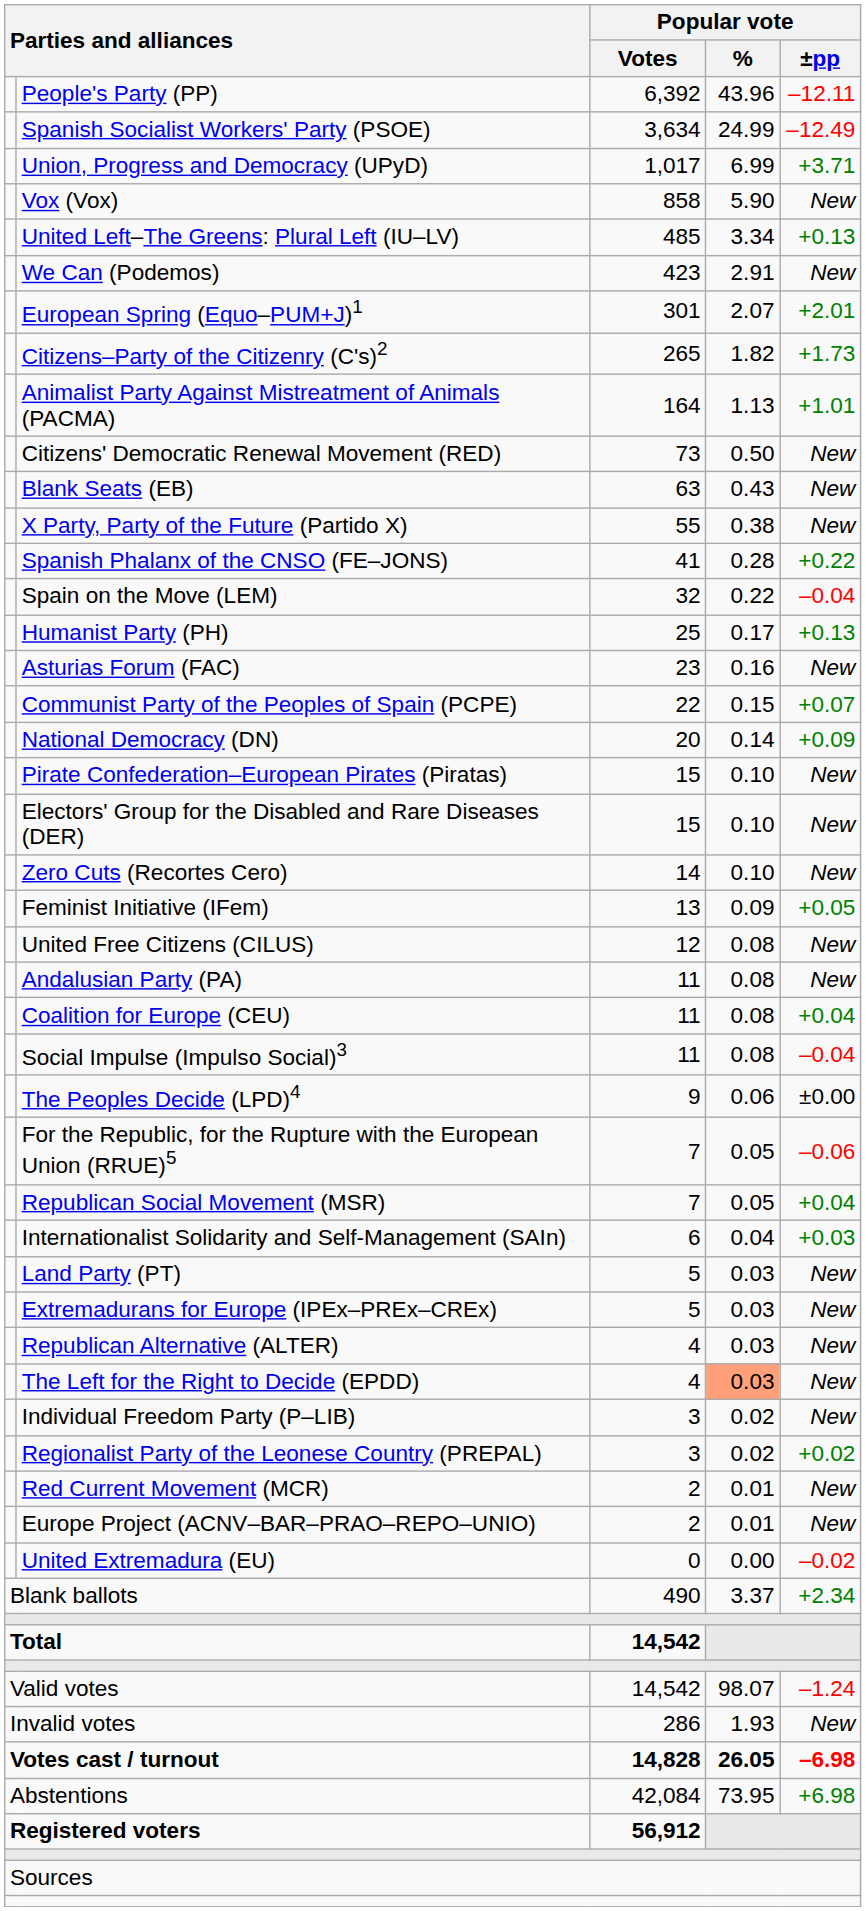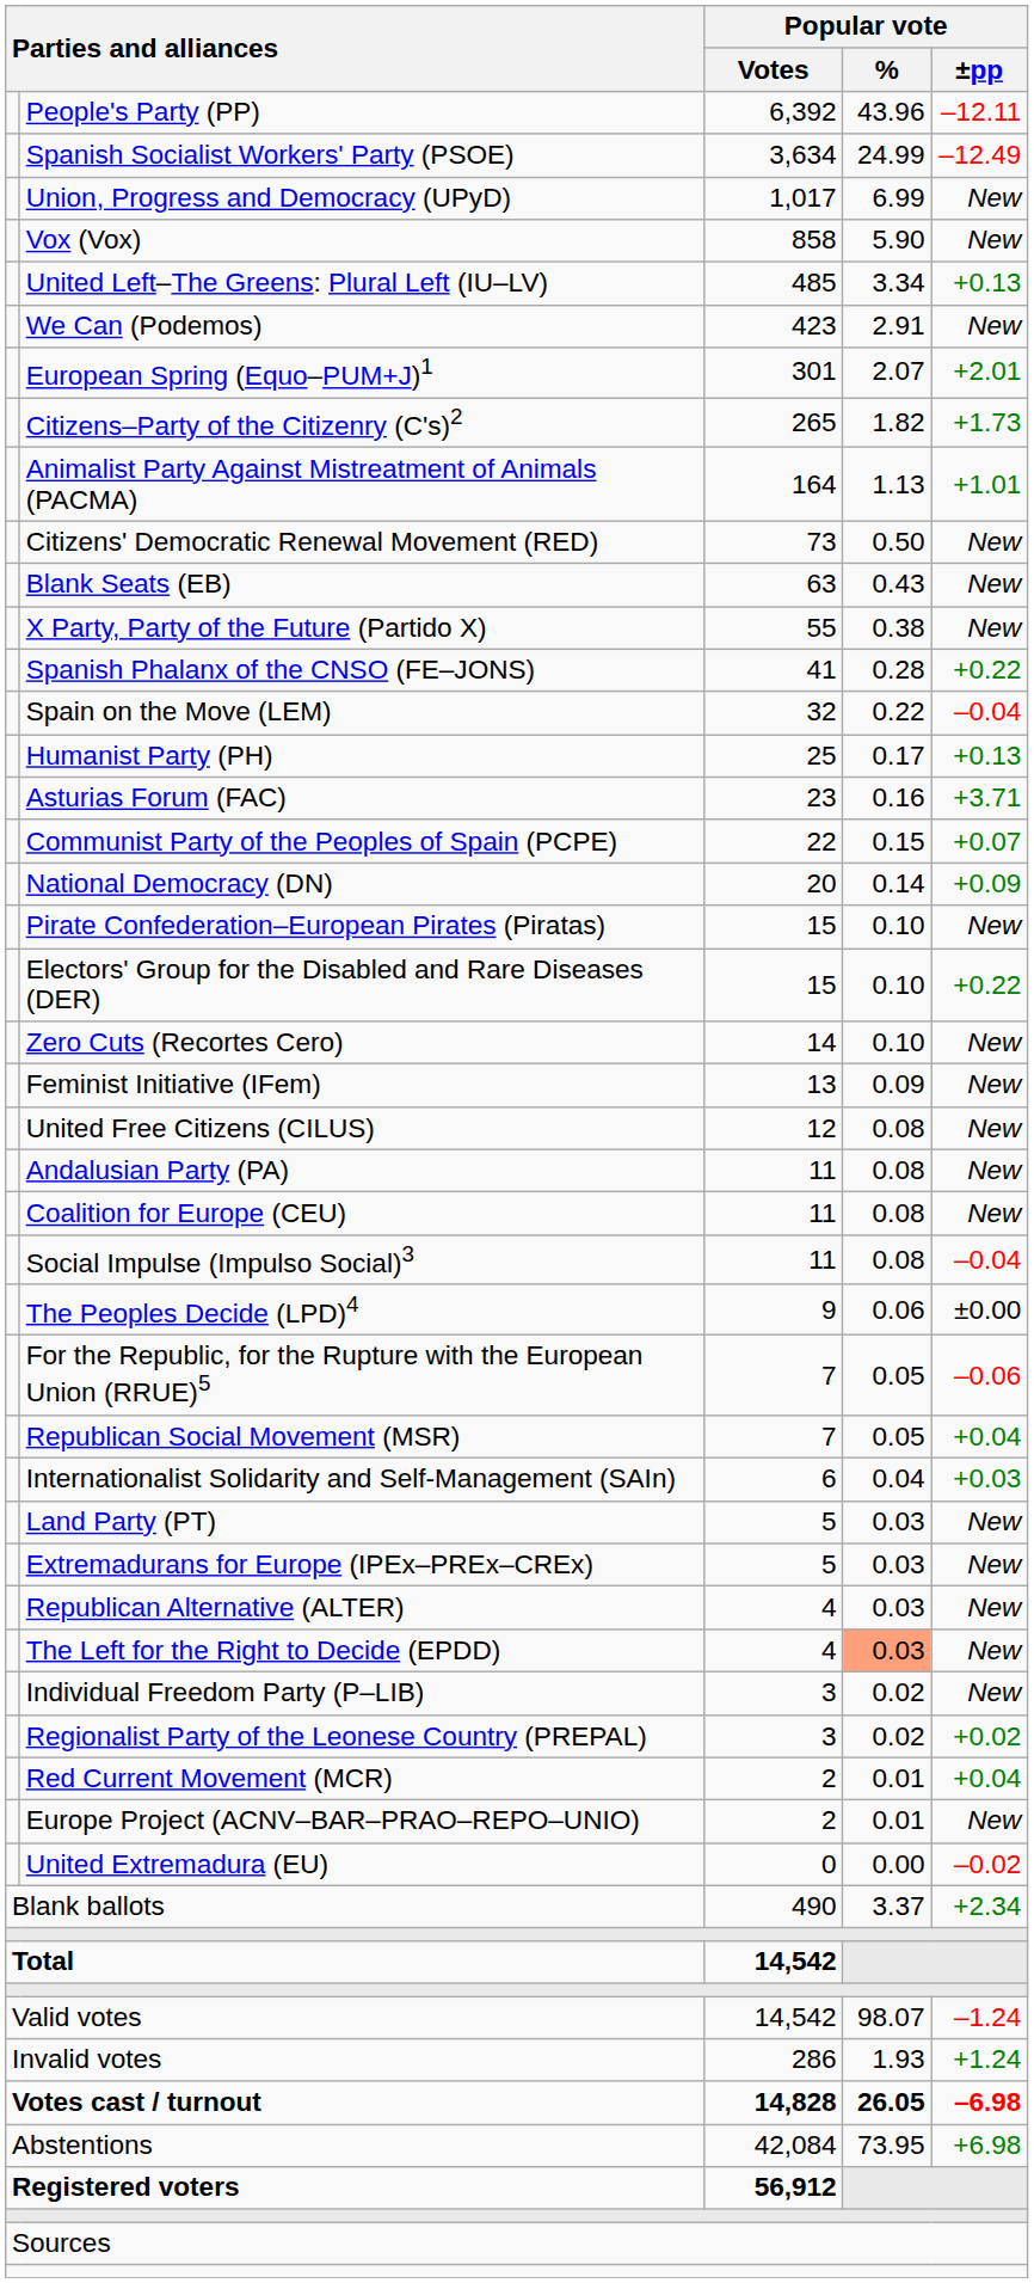 <table class="wikitable" style="text-align:right">
 <tr>
 <th style="text-align:left;" rowspan="2" colspan="2" width="525">Parties and alliances</th>
 <th colspan="3">Popular vote</th>
 </tr>
 <tr>
 <th width="75">Votes</th>
 <th width="45">%</th>
 <th width="45">±<a href='#'>pp</a></th>
 </tr>
 <tr>
 <td width="1" style="color:inherit;background:"></td>
 <td align="left"><a href='#'>People's Party</a> (PP)</td>
 <td>6,392</td>
 <td>43.96</td>
 <td style="color:red;">–12.11</td>
 </tr>
 <tr>
 <td style="color:inherit;background:"></td>
 <td align="left"><a href='#'>Spanish Socialist Workers' Party</a> (PSOE)</td>
 <td>3,634</td>
 <td>24.99</td>
 <td style="color:red;">–12.49</td>
 </tr>
 <tr>
 <td style="color:inherit;background:"></td>
 <td align="left"><a href='#'>Union, Progress and Democracy</a> (UPyD)</td>
 <td>1,017</td>
 <td>6.99</td>
-<td style="color:green;">+3.71</td>
+<td><em>New</em></td>
 </tr>
 <tr>
 <td style="color:inherit;background:"></td>
 <td align="left"><a href='#'>Vox</a> (Vox)</td>
 <td>858</td>
 <td>5.90</td>
 <td><em>New</em></td>
 </tr>
 <tr>
 <td style="color:inherit;background:"></td>
 <td align="left"><a href='#'>United Left</a>–<a href='#'>The Greens</a>: <a href='#'>Plural Left</a> (IU–LV)</td>
 <td>485</td>
 <td>3.34</td>
 <td style="color:green;">+0.13</td>
 </tr>
 <tr>
 <td style="color:inherit;background:"></td>
 <td align="left"><a href='#'>We Can</a> (Podemos)</td>
 <td>423</td>
 <td>2.91</td>
 <td><em>New</em></td>
 </tr>
 <tr>
 <td style="color:inherit;background:"></td>
 <td align="left"><a href='#'>European Spring</a> (<a href='#'>Equo</a>–<a href='#'>PUM+J</a>)<sup>1</sup></td>
 <td>301</td>
 <td>2.07</td>
 <td style="color:green;">+2.01</td>
 </tr>
 <tr>
 <td style="color:inherit;background:"></td>
 <td align="left"><a href='#'>Citizens–Party of the Citizenry</a> (C's)<sup>2</sup></td>
 <td>265</td>
 <td>1.82</td>
 <td style="color:green;">+1.73</td>
 </tr>
 <tr>
 <td style="color:inherit;background:"></td>
 <td align="left"><a href='#'>Animalist Party Against Mistreatment of Animals</a> (PACMA)</td>
 <td>164</td>
 <td>1.13</td>
 <td style="color:green;">+1.01</td>
 </tr>
 <tr>
 <td style="color:inherit;background:"></td>
 <td align="left">Citizens' Democratic Renewal Movement (RED)</td>
 <td>73</td>
 <td>0.50</td>
 <td><em>New</em></td>
 </tr>
 <tr>
 <td style="color:inherit;background:"></td>
 <td align="left"><a href='#'>Blank Seats</a> (EB)</td>
 <td>63</td>
 <td>0.43</td>
 <td><em>New</em></td>
 </tr>
 <tr>
 <td style="color:inherit;background:"></td>
 <td align="left"><a href='#'>X Party, Party of the Future</a> (Partido X)</td>
 <td>55</td>
 <td>0.38</td>
 <td><em>New</em></td>
 </tr>
 <tr>
 <td style="color:inherit;background:"></td>
 <td align="left"><a href='#'>Spanish Phalanx of the CNSO</a> (FE–JONS)</td>
 <td>41</td>
 <td>0.28</td>
 <td style="color:green;">+0.22</td>
 </tr>
 <tr>
 <td style="color:inherit;background:"></td>
 <td align="left">Spain on the Move (LEM)</td>
 <td>32</td>
 <td>0.22</td>
 <td style="color:red;">–0.04</td>
 </tr>
 <tr>
 <td style="color:inherit;background:"></td>
 <td align="left"><a href='#'>Humanist Party</a> (PH)</td>
 <td>25</td>
 <td>0.17</td>
 <td style="color:green;">+0.13</td>
 </tr>
 <tr>
 <td style="color:inherit;background:"></td>
 <td align="left"><a href='#'>Asturias Forum</a> (FAC)</td>
 <td>23</td>
 <td>0.16</td>
-<td><em>New</em></td>
+<td style="color:green;">+3.71</td>
 </tr>
 <tr>
 <td style="color:inherit;background:"></td>
 <td align="left"><a href='#'>Communist Party of the Peoples of Spain</a> (PCPE)</td>
 <td>22</td>
 <td>0.15</td>
 <td style="color:green;">+0.07</td>
 </tr>
 <tr>
 <td style="color:inherit;background:"></td>
 <td align="left"><a href='#'>National Democracy</a> (DN)</td>
 <td>20</td>
 <td>0.14</td>
 <td style="color:green;">+0.09</td>
 </tr>
 <tr>
 <td style="color:inherit;background:"></td>
 <td align="left"><a href='#'>Pirate Confederation–European Pirates</a> (Piratas)</td>
 <td>15</td>
 <td>0.10</td>
 <td><em>New</em></td>
 </tr>
 <tr>
 <td style="color:inherit;background:"></td>
 <td align="left">Electors' Group for the Disabled and Rare Diseases (DER)</td>
 <td>15</td>
 <td>0.10</td>
-<td><em>New</em></td>
+<td style="color:green;">+0.22</td>
 </tr>
 <tr>
 <td style="color:inherit;background:"></td>
 <td align="left"><a href='#'>Zero Cuts</a> (Recortes Cero)</td>
 <td>14</td>
 <td>0.10</td>
 <td><em>New</em></td>
 </tr>
 <tr>
 <td style="color:inherit;background:"></td>
 <td align="left">Feminist Initiative (IFem)</td>
 <td>13</td>
 <td>0.09</td>
-<td style="color:green;">+0.05</td>
+<td><em>New</em></td>
 </tr>
 <tr>
 <td style="color:inherit;background:"></td>
 <td align="left">United Free Citizens (CILUS)</td>
 <td>12</td>
 <td>0.08</td>
 <td><em>New</em></td>
 </tr>
 <tr>
 <td style="color:inherit;background:"></td>
 <td align="left"><a href='#'>Andalusian Party</a> (PA)</td>
 <td>11</td>
 <td>0.08</td>
 <td><em>New</em></td>
 </tr>
 <tr>
 <td style="color:inherit;background:"></td>
 <td align="left"><a href='#'>Coalition for Europe</a> (CEU)</td>
 <td>11</td>
 <td>0.08</td>
-<td style="color:green;">+0.04</td>
+<td><em>New</em></td>
 </tr>
 <tr>
 <td style="color:inherit;background:"></td>
 <td align="left">Social Impulse (Impulso Social)<sup>3</sup></td>
 <td>11</td>
 <td>0.08</td>
 <td style="color:red;">–0.04</td>
 </tr>
 <tr>
 <td style="color:inherit;background:"></td>
 <td align="left"><a href='#'>The Peoples Decide</a> (LPD)<sup>4</sup></td>
 <td>9</td>
 <td>0.06</td>
 <td>±0.00</td>
 </tr>
 <tr>
 <td style="color:inherit;background:"></td>
 <td align="left">For the Republic, for the Rupture with the European Union (RRUE)<sup>5</sup></td>
 <td>7</td>
 <td>0.05</td>
 <td style="color:red;">–0.06</td>
 </tr>
 <tr>
 <td style="color:inherit;background:"></td>
 <td align="left"><a href='#'>Republican Social Movement</a> (MSR)</td>
 <td>7</td>
 <td>0.05</td>
 <td style="color:green;">+0.04</td>
 </tr>
 <tr>
 <td style="color:inherit;background:"></td>
 <td align="left">Internationalist Solidarity and Self-Management (SAIn)</td>
 <td>6</td>
 <td>0.04</td>
 <td style="color:green;">+0.03</td>
 </tr>
 <tr>
 <td style="color:inherit;background:"></td>
 <td align="left"><a href='#'>Land Party</a> (PT)</td>
 <td>5</td>
 <td>0.03</td>
 <td><em>New</em></td>
 </tr>
 <tr>
 <td style="color:inherit;background:"></td>
 <td align="left"><a href='#'>Extremadurans for Europe</a> (IPEx–PREx–CREx)</td>
 <td>5</td>
 <td>0.03</td>
 <td><em>New</em></td>
 </tr>
 <tr>
 <td style="color:inherit;background:"></td>
 <td align="left"><a href='#'>Republican Alternative</a> (ALTER)</td>
 <td>4</td>
 <td>0.03</td>
 <td><em>New</em></td>
 </tr>
 <tr>
 <td style="color:inherit;background:"></td>
 <td align="left"><a href='#'>The Left for the Right to Decide</a> (EPDD)</td>
 <td>4</td>
 <td style="background: lightsalmon;">0.03</td>
 <td><em>New</em></td>
 </tr>
 <tr>
 <td style="color:inherit;background:"></td>
 <td align="left">Individual Freedom Party (P–LIB)</td>
 <td>3</td>
 <td>0.02</td>
 <td><em>New</em></td>
 </tr>
 <tr>
 <td style="color:inherit;background:"></td>
 <td align="left"><a href='#'>Regionalist Party of the Leonese Country</a> (PREPAL)</td>
 <td>3</td>
 <td>0.02</td>
 <td style="color:green;">+0.02</td>
 </tr>
 <tr>
 <td style="color:inherit;background:"></td>
 <td align="left"><a href='#'>Red Current Movement</a> (MCR)</td>
 <td>2</td>
 <td>0.01</td>
-<td><em>New</em></td>
+<td style="color:green;">+0.04</td>
 </tr>
 <tr>
 <td style="color:inherit;background:"></td>
 <td align="left">Europe Project (ACNV–BAR–PRAO–REPO–UNIO)</td>
 <td>2</td>
 <td>0.01</td>
 <td><em>New</em></td>
 </tr>
 <tr>
 <td style="color:inherit;background:"></td>
 <td align="left"><a href='#'>United Extremadura</a> (EU)</td>
 <td>0</td>
 <td>0.00</td>
 <td style="color:red;">–0.02</td>
 </tr>
 <tr>
 <td align="left" colspan="2">Blank ballots</td>
 <td width="75">490</td>
 <td width="45">3.37</td>
 <td width="50" style="color:green;">+2.34</td>
 </tr>
 <tr>
 <td colspan="5" bgcolor="#E9E9E9"></td>
 </tr>
 <tr style="font-weight:bold;">
 <td align="left" colspan="2">Total</td>
 <td>14,542</td>
 <td bgcolor="#E9E9E9" colspan="2"></td>
 </tr>
 <tr>
 <td colspan="5" bgcolor="#E9E9E9"></td>
 </tr>
 <tr>
 <td align="left" colspan="2">Valid votes</td>
 <td>14,542</td>
 <td>98.07</td>
 <td style="color:red;">–1.24</td>
 </tr>
 <tr>
 <td align="left" colspan="2">Invalid votes</td>
 <td>286</td>
 <td>1.93</td>
-<td><em>New</em></td>
+<td style="color:green;">+1.24</td>
 </tr>
 <tr style="font-weight:bold;">
 <td align="left" colspan="2">Votes cast / turnout</td>
 <td>14,828</td>
 <td>26.05</td>
 <td style="color:red;">–6.98</td>
 </tr>
 <tr>
 <td align="left" colspan="2">Abstentions</td>
 <td>42,084</td>
 <td>73.95</td>
 <td style="color:green;">+6.98</td>
 </tr>
 <tr style="font-weight:bold;">
 <td align="left" colspan="2">Registered voters</td>
 <td>56,912</td>
 <td bgcolor="#E9E9E9" colspan="2"></td>
 </tr>
 <tr>
 <td colspan="5" bgcolor="#E9E9E9"></td>
 </tr>
 <tr>
 <td align="left" colspan="5">Sources</td>
 </tr>
 <tr>
 <td colspan="5" style="text-align:left; max-width:680px;"></td>
 </tr>
 </table>
